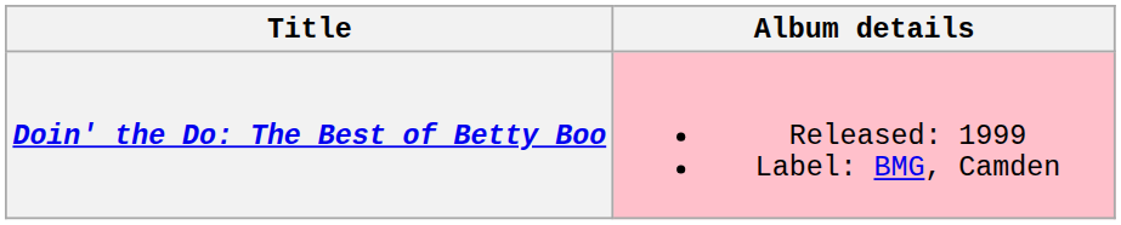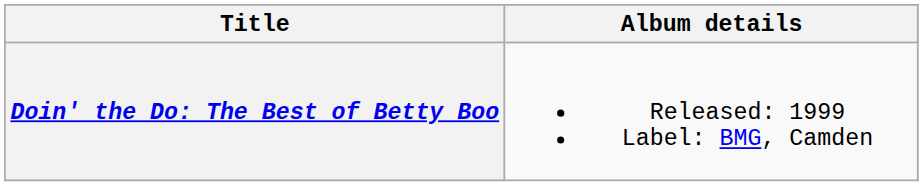 <table class="wikitable plainrowheaders" style="text-align:center;">
 <tr>
 <th>Title</th>
 <th style="width:225px;">Album details</th>
 </tr>
 <tr>
 <th scope="row"><em><a href='#'>Doin' the Do: The Best of Betty Boo</a></em></th>
-<td style="background: pink;"><br><ul><li>Released: 1999</li><li>Label: <a href='#'>BMG</a>, Camden</li></ul></td>
+<td><br><ul><li>Released: 1999</li><li>Label: <a href='#'>BMG</a>, Camden</li></ul></td>
 </tr>
 </table>
